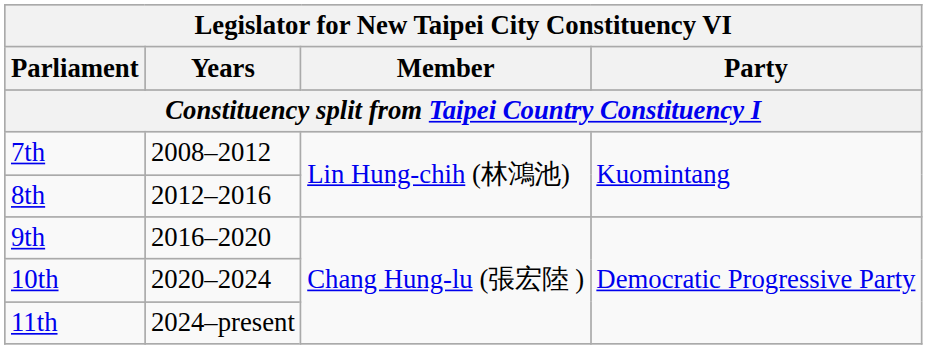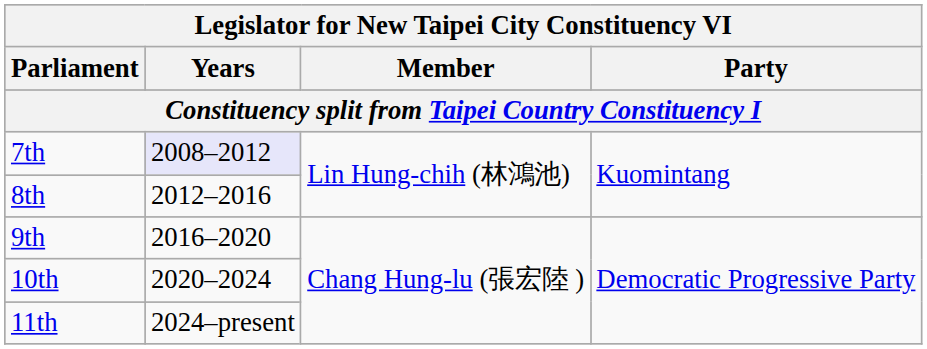 <table class=wikitable>
 <tr>
 <th colspan="4">Legislator for New Taipei City Constituency VI</th>
 </tr>
 <tr>
 <th>Parliament</th>
 <th>Years</th>
 <th>Member</th>
 <th>Party</th>
 </tr>
 <tr>
 <th colspan=4 align=center><em>Constituency split from <a href='#'>Taipei Country Constituency I</a> </em></th>
 </tr>
 <tr>
 <td><a href='#'>7th</a></td>
-<td>2008–2012</td>
+<td style="background: lavender;">2008–2012</td>
 <td rowspan=2><a href='#'>Lin Hung-chih</a> (林鴻池)</td>
 <td rowspan=2><a href='#'>Kuomintang</a></td>
 </tr>
 <tr>
 <td><a href='#'>8th</a></td>
 <td>2012–2016</td>
 </tr>
 <tr>
 <td><a href='#'>9th</a></td>
 <td>2016–2020</td>
 <td rowspan=3><a href='#'>Chang Hung-lu</a> (張宏陸	)</td>
 <td rowspan=3><a href='#'>Democratic Progressive Party</a></td>
 </tr>
 <tr>
 <td><a href='#'>10th</a></td>
 <td>2020–2024</td>
 </tr>
 <tr>
 <td><a href='#'>11th</a></td>
 <td>2024–present</td>
 </tr>
 </table>
